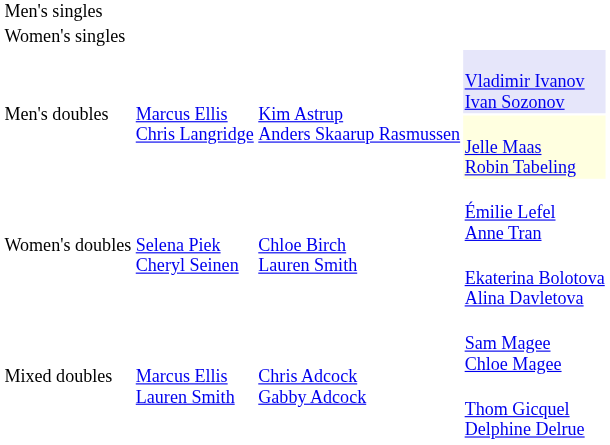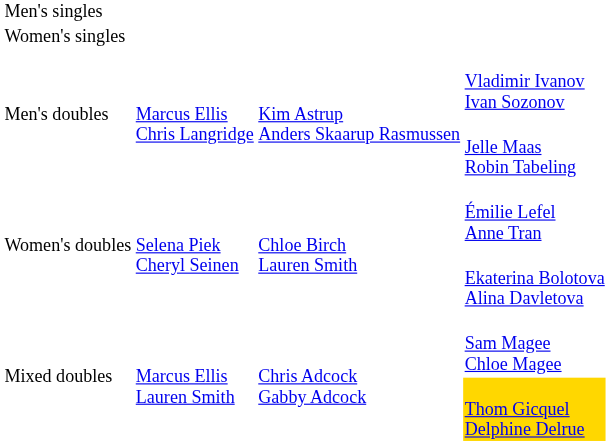 <table>
 <tr>
 <td rowspan="2">Men's singles<br></td>
 <td rowspan="2"></td>
 <td rowspan="2"></td>
 <td></td>
 </tr>
 <tr>
 <td></td>
 </tr>
 <tr>
 <td rowspan="2">Women's singles<br></td>
 <td rowspan="2"></td>
 <td rowspan="2"></td>
 <td></td>
 </tr>
 <tr>
 <td></td>
 </tr>
 <tr>
 <td rowspan="2">Men's doubles<br></td>
 <td rowspan="2"><br><a href='#'>Marcus Ellis</a><br><a href='#'>Chris Langridge</a></td>
 <td rowspan="2"><br><a href='#'>Kim Astrup</a> <br> <a href='#'>Anders Skaarup Rasmussen</a></td>
-<td style="background: lavender;"><br><a href='#'>Vladimir Ivanov</a><br><a href='#'>Ivan Sozonov</a></td>
+<td><br><a href='#'>Vladimir Ivanov</a><br><a href='#'>Ivan Sozonov</a></td>
 </tr>
 <tr>
-<td style="background: lightyellow;"><br><a href='#'>Jelle Maas</a><br><a href='#'>Robin Tabeling</a></td>
+<td><br><a href='#'>Jelle Maas</a><br><a href='#'>Robin Tabeling</a></td>
 </tr>
 <tr>
 <td rowspan="2">Women's doubles<br></td>
 <td rowspan="2"><br><a href='#'>Selena Piek</a><br><a href='#'>Cheryl Seinen</a></td>
 <td rowspan="2"><br><a href='#'>Chloe Birch</a><br><a href='#'>Lauren Smith</a></td>
 <td><br><a href='#'>Émilie Lefel</a><br><a href='#'>Anne Tran</a></td>
 </tr>
 <tr>
 <td><br><a href='#'>Ekaterina Bolotova</a><br><a href='#'>Alina Davletova</a></td>
 </tr>
 <tr>
 <td rowspan="2">Mixed doubles<br></td>
 <td rowspan="2"><br><a href='#'>Marcus Ellis</a><br><a href='#'>Lauren Smith</a></td>
 <td rowspan="2"><br><a href='#'>Chris Adcock</a><br><a href='#'>Gabby Adcock</a></td>
 <td><br><a href='#'>Sam Magee</a><br><a href='#'>Chloe Magee</a></td>
 </tr>
 <tr>
-<td><br><a href='#'>Thom Gicquel</a><br><a href='#'>Delphine Delrue</a></td>
+<td style="background: gold;"><br><a href='#'>Thom Gicquel</a><br><a href='#'>Delphine Delrue</a></td>
 </tr>
 </table>
